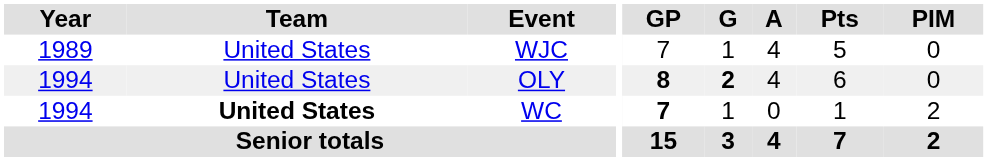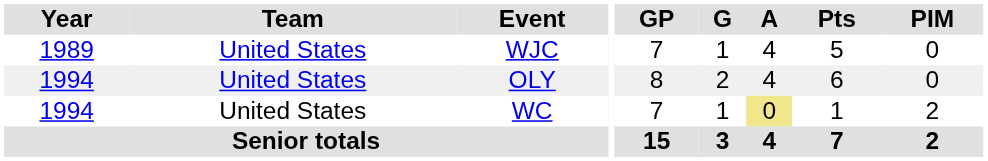 <table border="0" cellpadding="1" cellspacing="0" ID="Table3" style="text-align:center; width:40em">
 <tr bgcolor="#e0e0e0">
 <th>Year</th>
 <th>Team</th>
 <th>Event</th>
 <th rowspan="102" bgcolor="#ffffff"></th>
 <th>GP</th>
 <th>G</th>
 <th>A</th>
 <th>Pts</th>
 <th>PIM</th>
 </tr>
 <tr>
 <td><a href='#'>1989</a></td>
 <td><a href='#'>United States</a></td>
 <td><a href='#'>WJC</a></td>
 <td>7</td>
 <td>1</td>
 <td>4</td>
 <td>5</td>
 <td>0</td>
 </tr>
 <tr bgcolor="#f0f0f0">
 <td><a href='#'>1994</a></td>
 <td><a href='#'>United States</a></td>
 <td><a href='#'>OLY</a></td>
-<td><strong>8</strong></td>
-<td><strong>2</strong></td>
+<td>8</td>
+<td>2</td>
 <td>4</td>
 <td>6</td>
 <td>0</td>
 </tr>
 <tr>
 <td><a href='#'>1994</a></td>
-<td><strong>United States</strong></td>
+<td>United States</td>
 <td><a href='#'>WC</a></td>
-<td><strong>7</strong></td>
+<td>7</td>
 <td>1</td>
-<td>0</td>
+<td style="background: khaki;">0</td>
 <td>1</td>
 <td>2</td>
 </tr>
 <tr bgcolor="#e0e0e0">
 <th colspan="3">Senior totals</th>
 <th>15</th>
 <th>3</th>
 <th>4</th>
 <th>7</th>
 <th>2</th>
 </tr>
 </table>
